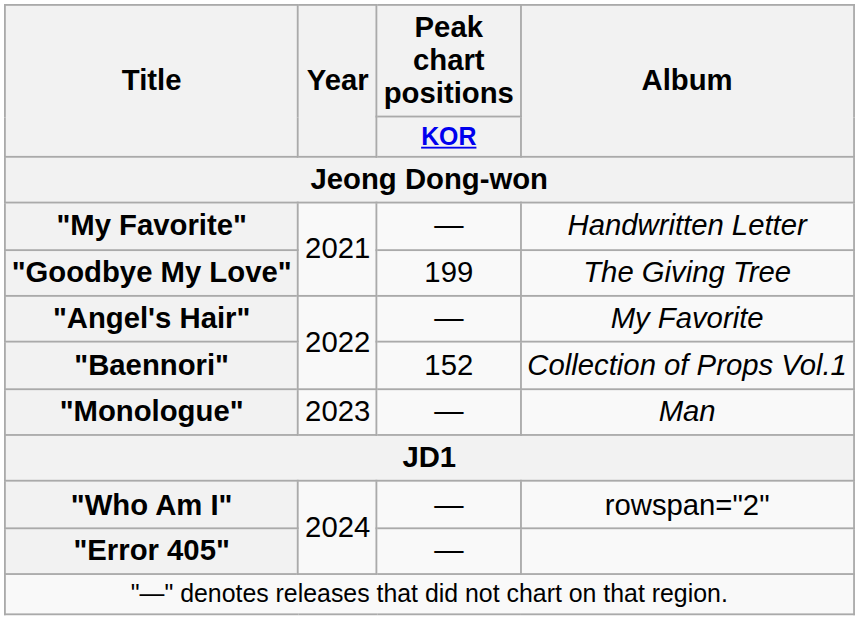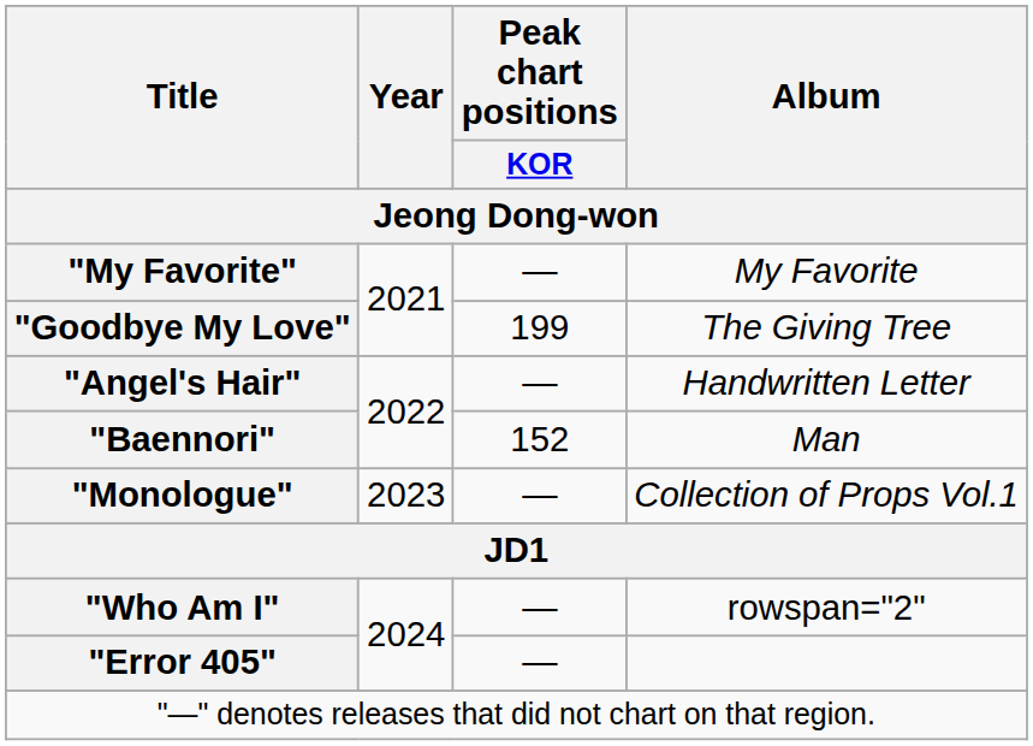 <table class="wikitable plainrowheaders" style="text-align:center">
 <tr>
 <th scope="col" rowspan="2">Title</th>
 <th scope="col" rowspan="2">Year</th>
 <th scope="col">Peak chart positions</th>
 <th scope="col" rowspan="2">Album</th>
 </tr>
 <tr>
 <th scope="col" style="width:3em;font-size:85%"><a href='#'>KOR</a><br></th>
 </tr>
 <tr>
 <th colspan="4">Jeong Dong-won</th>
 </tr>
 <tr>
 <th scope="row">"My Favorite"</th>
 <td rowspan="2">2021</td>
 <td>—</td>
-<td><em>Handwritten Letter</em></td>
+<td><em>My Favorite</em></td>
 </tr>
 <tr>
 <th scope="row">"Goodbye My Love"</th>
 <td>199</td>
 <td><em>The Giving Tree</em></td>
 </tr>
 <tr>
 <th scope="row">"Angel's Hair"</th>
 <td rowspan="2">2022</td>
 <td>—</td>
-<td><em>My Favorite</em></td>
+<td><em>Handwritten Letter</em></td>
 </tr>
 <tr>
 <th scope="row">"Baennori"</th>
 <td>152</td>
-<td><em>Collection of Props Vol.1</em></td>
+<td><em>Man</em></td>
 </tr>
 <tr>
 <th scope="row">"Monologue"</th>
 <td>2023</td>
 <td>—</td>
-<td><em>Man</em></td>
+<td><em>Collection of Props Vol.1</em></td>
 </tr>
 <tr>
 <th colspan="4">JD1</th>
 </tr>
 <tr>
 <th scope="row">"Who Am I"</th>
 <td rowspan="2">2024</td>
 <td>—</td>
 <td>rowspan="2" </td>
 </tr>
 <tr>
 <th scope="row">"Error 405"</th>
 <td>—</td>
 </tr>
 <tr>
 <td colspan="4" style="font-size:85%">"—" denotes releases that did not chart on that region.</td>
 </tr>
 </table>
